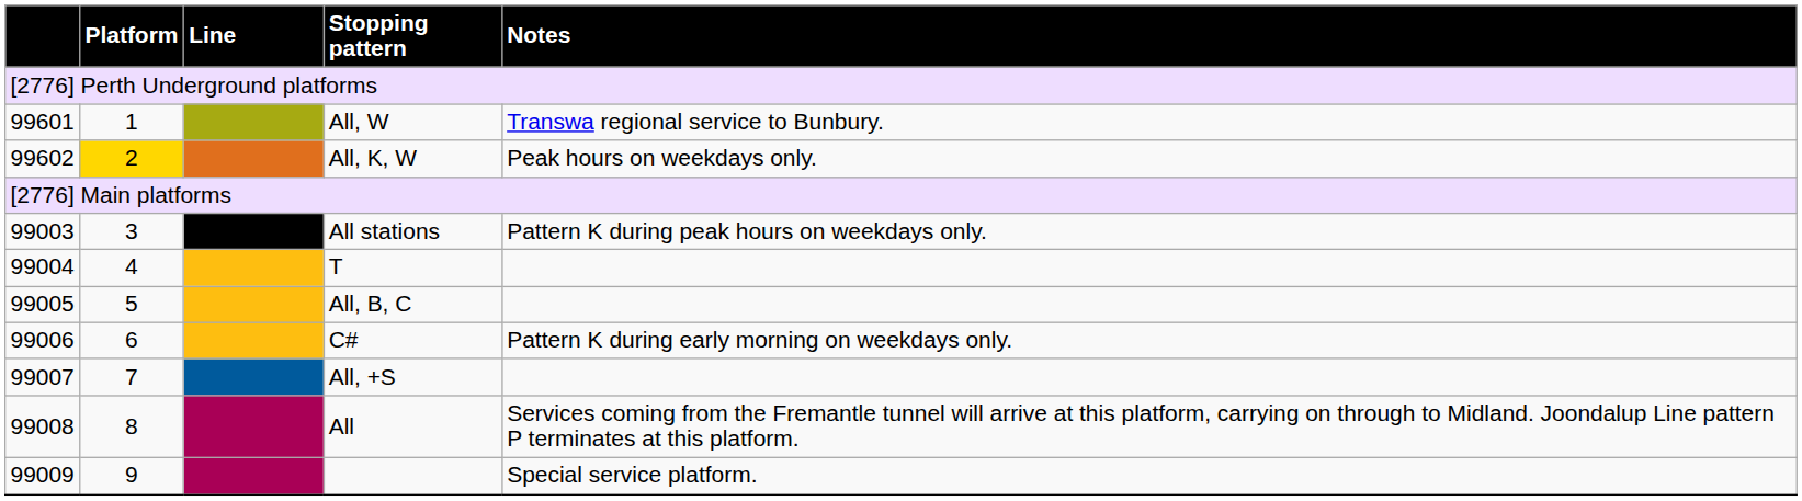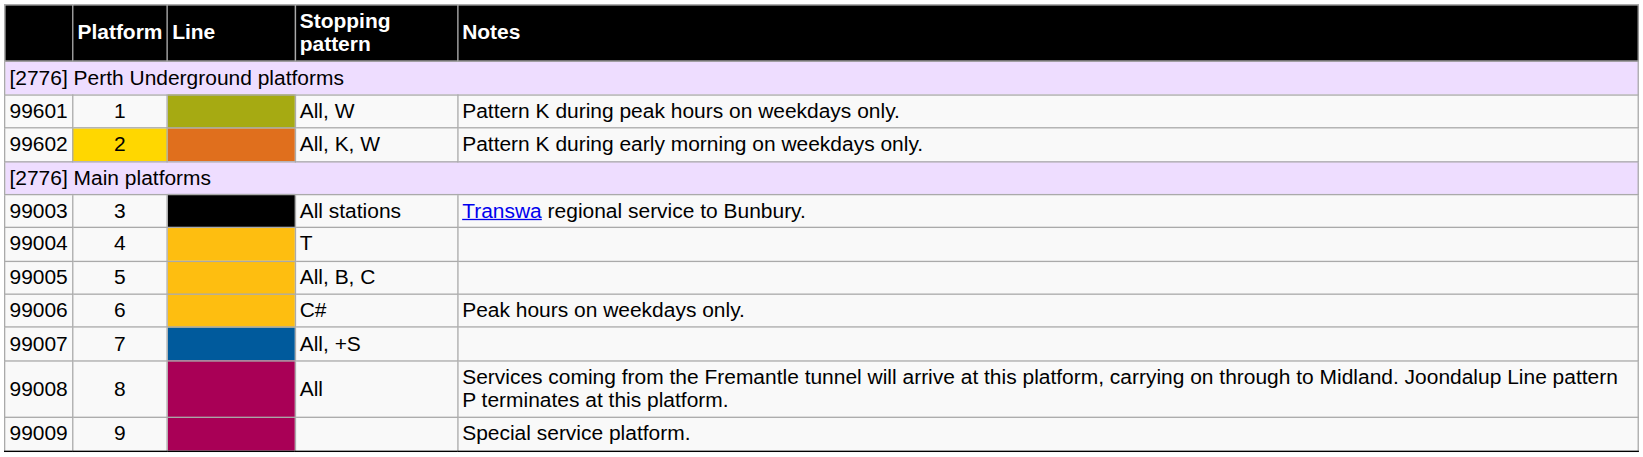 <table class="wikitable" style="float: none; margin-center: 1em; margin-bottom: 0.5em; border: black solid 1px; text-align:center;">
 <tr style="color:#FFFFFF;">
 <th style="background:#000000; text-align:left;"></th>
 <th style="background:#000000; text-align:left;">Platform</th>
 <th style="background:#000000; text-align:left; width:90px;">Line</th>
 <th style="background:#000000; text-align:left;">Stopping pattern</th>
 <th style="background:#000000; text-align:left;">Notes</th>
 </tr>
 <tr>
 <td colspan="5" style="background:#EDF; text-align:left;">[2776] Perth Underground platforms</td>
 </tr>
 <tr>
 <td>99601</td>
 <td>1</td>
 <td style="color:white; background:#A6AA12;"><strong><a href='#'></a></strong></td>
 <td style="text-align:left;">All, W</td>
-<td style="text-align:left;"><a href='#'>Transwa</a> regional service to Bunbury.</td>
+<td style="text-align:left;">Pattern K during peak hours on weekdays only.</td>
 </tr>
 <tr>
 <td>99602</td>
 <td style="background: gold;">2</td>
 <td style="color:white; background:#E06F1D;"><strong><a href='#'></a></strong></td>
 <td style="text-align:left;">All, K, W</td>
-<td style="text-align:left;">Peak hours on weekdays only.</td>
+<td style="text-align:left;">Pattern K during early morning on weekdays only.</td>
 </tr>
 <tr>
 <td colspan="5" style="background:#EDF; text-align:left;">[2776] Main platforms</td>
 </tr>
 <tr>
 <td>99003</td>
 <td>3</td>
 <td style="color:#E0730E; background:#000000;"><strong><a href='#'></a></strong></td>
 <td style="text-align:left;">All stations</td>
-<td style="text-align:left;">Pattern K during peak hours on weekdays only.</td>
+<td style="text-align:left;"><a href='#'>Transwa</a> regional service to Bunbury.</td>
 </tr>
 <tr>
 <td>99004</td>
 <td>4</td>
 <td style="color:black; background:#FEBE10;"><strong><a href='#'></a></strong></td>
 <td style="text-align:left;">T</td>
 <td></td>
 </tr>
 <tr>
 <td>99005</td>
 <td>5</td>
 <td style="color:black; background:#FEBE10;"><strong><a href='#'></a></strong></td>
 <td style="text-align:left;">All, B, C</td>
 <td style="text-align:left;"></td>
 </tr>
 <tr>
 <td>99006</td>
 <td>6</td>
 <td style="color:black; background:#FEBE10;"><strong><a href='#'></a></strong></td>
 <td style="text-align:left;">C#</td>
-<td style="text-align:left;">Pattern K during early morning on weekdays only.</td>
+<td style="text-align:left;">Peak hours on weekdays only.</td>
 </tr>
 <tr>
 <td>99007</td>
 <td>7</td>
 <td style="color:white; background:#005A9C;"><strong><a href='#'></a></strong></td>
 <td style="text-align:left;">All, +S</td>
 <td style="text-align:left;"></td>
 </tr>
 <tr>
 <td>99008</td>
 <td>8</td>
 <td style="color:white; background:#A90056;"><strong><a href='#'></a></strong></td>
 <td style="text-align:left;">All</td>
 <td style="text-align:left;">Services coming from the Fremantle tunnel will arrive at this platform, carrying on through to Midland. Joondalup Line pattern P terminates at this platform.</td>
 </tr>
 <tr>
 <td>99009</td>
 <td>9</td>
 <td style="color:white; background:#A90056;"><strong><a href='#'></a></strong></td>
 <td style="text-align:left;"></td>
 <td style="text-align:left;">Special service platform.</td>
 </tr>
 <tr>
 </tr>
 </table>
